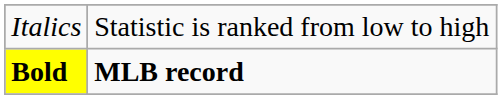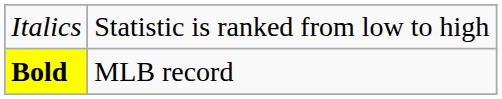 <table class="wikitable" style="text-align:left; font-size: 100%;">
 <tr>
 <td><em>Italics</em></td>
 <td>Statistic is ranked from low to high</td>
 </tr>
 <tr>
 <td bgcolor=yellow><strong>Bold</strong></td>
-<td><strong>MLB record</strong></td>
+<td>MLB record</td>
 </tr>
 </table>
